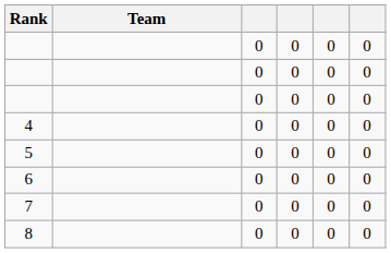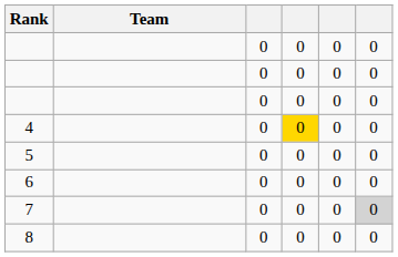 <table class="wikitable" style="text-align: center; font-size:90% ">
 <tr>
 <th width=35>Rank</th>
 <th width=160>Team</th>
 <th width=25></th>
 <th width=25></th>
 <th width=25></th>
 <th width=25></th>
 </tr>
 <tr>
 <td></td>
 <td align=left></td>
 <td>0</td>
 <td>0</td>
 <td>0</td>
 <td>0</td>
 </tr>
 <tr>
 <td></td>
 <td align=left></td>
 <td>0</td>
 <td>0</td>
 <td>0</td>
 <td>0</td>
 </tr>
 <tr>
 <td></td>
 <td align=left></td>
 <td>0</td>
 <td>0</td>
 <td>0</td>
 <td>0</td>
 </tr>
 <tr>
 <td>4</td>
 <td align=left></td>
 <td>0</td>
-<td>0</td>
+<td style="background: gold;">0</td>
 <td>0</td>
 <td>0</td>
 </tr>
 <tr>
 <td>5</td>
 <td align=left></td>
 <td>0</td>
 <td>0</td>
 <td>0</td>
 <td>0</td>
 </tr>
 <tr>
 <td>6</td>
 <td align=left></td>
 <td>0</td>
 <td>0</td>
 <td>0</td>
 <td>0</td>
 </tr>
 <tr>
 <td>7</td>
 <td align=left></td>
 <td>0</td>
 <td>0</td>
 <td>0</td>
-<td>0</td>
+<td style="background: lightgrey;">0</td>
 </tr>
 <tr>
 <td>8</td>
 <td align=left></td>
 <td>0</td>
 <td>0</td>
 <td>0</td>
 <td>0</td>
 </tr>
 </table>
